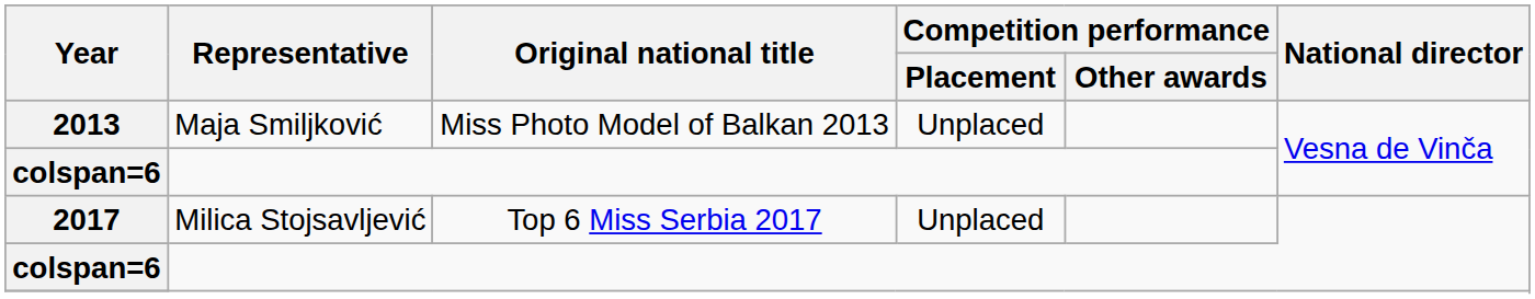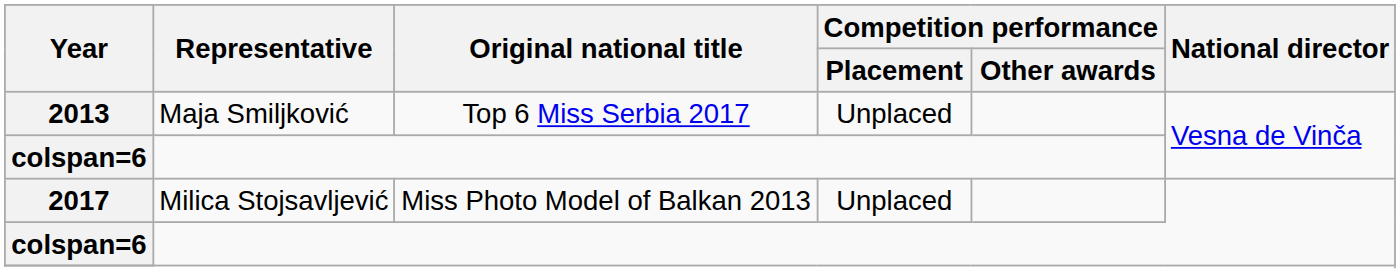 <table class="wikitable" style="font-size:95%;">
 <tr>
 <th rowspan=2>Year</th>
 <th rowspan=2>Representative</th>
 <th rowspan=2>Original national title</th>
 <th colspan=2>Competition performance</th>
 <th rowspan=2>National director</th>
 </tr>
 <tr>
 <th>Placement</th>
 <th>Other awards</th>
 </tr>
 <tr>
 <th>2013</th>
 <td>Maja Smiljković</td>
-<td align=center>Miss Photo Model of Balkan 2013</td>
+<td align=center>Top 6 <a href='#'>Miss Serbia 2017</a></td>
 <td align=center>Unplaced</td>
 <td></td>
 <td rowspan=2><a href='#'>Vesna de Vinča</a></td>
 </tr>
 <tr>
 <th>colspan=6 </th>
 </tr>
 <tr>
 <th>2017</th>
 <td>Milica Stojsavljević</td>
-<td align=center>Top 6 <a href='#'>Miss Serbia 2017</a></td>
+<td align=center>Miss Photo Model of Balkan 2013</td>
 <td align=center>Unplaced</td>
 <td></td>
 </tr>
 <tr>
 <th>colspan=6 </th>
 </tr>
 <tr>
 </tr>
 </table>
